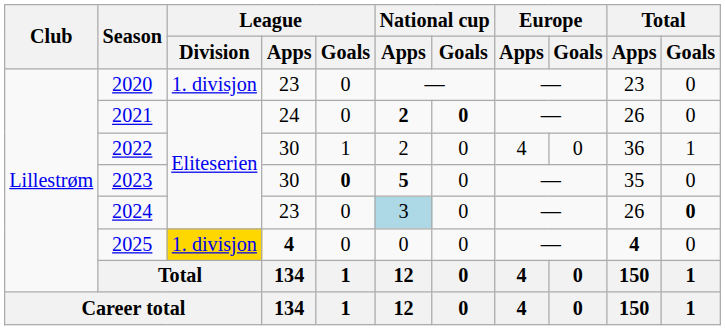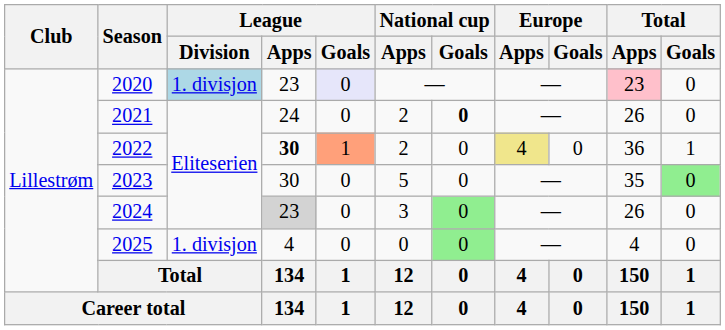 <table class="wikitable" style="text-align: center;">
 <tr>
 <th rowspan="2">Club</th>
 <th rowspan="2">Season</th>
 <th colspan="3">League</th>
 <th colspan="2">National cup</th>
 <th colspan="2">Europe</th>
 <th colspan="2">Total</th>
 </tr>
 <tr>
 <th>Division</th>
 <th>Apps</th>
 <th>Goals</th>
 <th>Apps</th>
 <th>Goals</th>
 <th>Apps</th>
 <th>Goals</th>
 <th>Apps</th>
 <th>Goals</th>
 </tr>
 <tr>
 <td rowspan="7"><a href='#'>Lillestrøm</a></td>
 <td><a href='#'>2020</a></td>
-<td><a href='#'>1. divisjon</a></td>
+<td style="background: lightblue;"><a href='#'>1. divisjon</a></td>
 <td>23</td>
-<td>0</td>
+<td style="background: lavender;">0</td>
 <td colspan="2">—</td>
 <td colspan="2">—</td>
-<td>23</td>
+<td style="background: pink;">23</td>
 <td>0</td>
 </tr>
 <tr>
 <td><a href='#'>2021</a></td>
 <td rowspan="4"><a href='#'>Eliteserien</a></td>
 <td>24</td>
 <td>0</td>
-<td><strong>2</strong></td>
+<td>2</td>
 <td><strong>0</strong></td>
 <td colspan="2">—</td>
 <td>26</td>
 <td>0</td>
 </tr>
 <tr>
 <td><a href='#'>2022</a></td>
-<td>30</td>
-<td>1</td>
+<td><strong>30</strong></td>
+<td style="background: lightsalmon;">1</td>
 <td>2</td>
 <td>0</td>
-<td>4</td>
+<td style="background: khaki;">4</td>
 <td>0</td>
 <td>36</td>
 <td>1</td>
 </tr>
 <tr>
 <td><a href='#'>2023</a></td>
 <td>30</td>
-<td><strong>0</strong></td>
-<td><strong>5</strong></td>
+<td>0</td>
+<td>5</td>
 <td>0</td>
 <td colspan="2">—</td>
 <td>35</td>
+<td style="background: lightgreen;">0</td>
+</tr>
+<tr>
+<td><a href='#'>2024</a></td>
+<td style="background: lightgrey;">23</td>
+<td>0</td>
+<td>3</td>
+<td style="background: lightgreen;">0</td>
+<td colspan="2">—</td>
+<td>26</td>
 <td>0</td>
 </tr>
 <tr>
-<td><a href='#'>2024</a></td>
-<td>23</td>
-<td>0</td>
-<td style="background: lightblue;">3</td>
-<td>0</td>
-<td colspan="2">—</td>
-<td>26</td>
-<td><strong>0</strong></td>
-</tr>
-<tr>
 <td><a href='#'>2025</a></td>
-<td style="background: gold;"><a href='#'>1. divisjon</a></td>
-<td><strong>4</strong></td>
+<td><a href='#'>1. divisjon</a></td>
+<td>4</td>
 <td>0</td>
 <td>0</td>
-<td>0</td>
+<td style="background: lightgreen;">0</td>
 <td colspan="2">—</td>
-<td><strong>4</strong></td>
+<td>4</td>
 <td>0</td>
 </tr>
 <tr>
 <th colspan="2">Total</th>
 <th>134</th>
 <th>1</th>
 <th>12</th>
 <th>0</th>
 <th>4</th>
 <th>0</th>
 <th>150</th>
 <th>1</th>
 </tr>
 <tr>
 <th colspan="3">Career total</th>
 <th>134</th>
 <th>1</th>
 <th>12</th>
 <th>0</th>
 <th>4</th>
 <th>0</th>
 <th>150</th>
 <th>1</th>
 </tr>
 </table>
